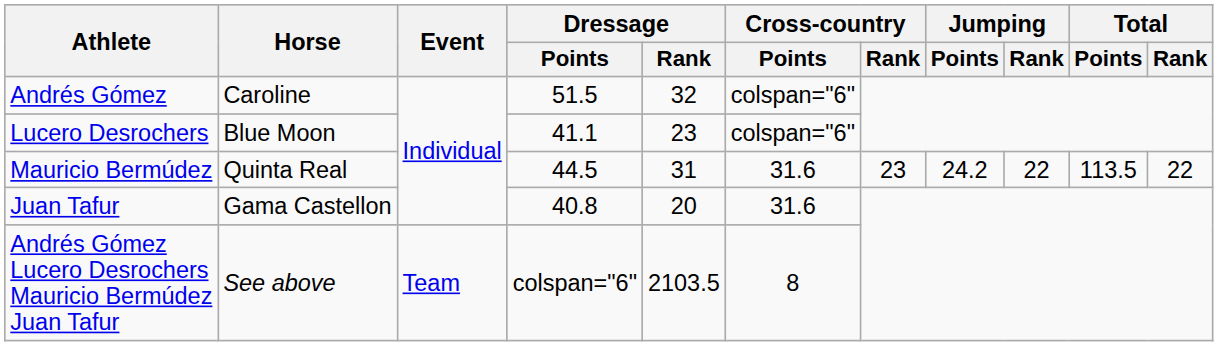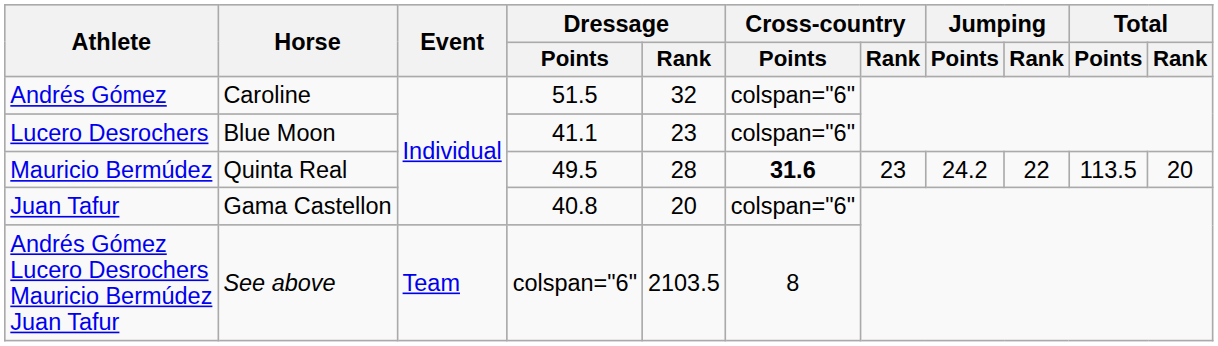 <table class=wikitable style=font-size:90%;text-align:center>
 <tr>
 <th rowspan=2>Athlete</th>
 <th rowspan=2>Horse</th>
 <th rowspan=2>Event</th>
 <th colspan=2>Dressage</th>
 <th colspan=2>Cross-country</th>
 <th colspan=2>Jumping</th>
 <th colspan=2>Total</th>
 </tr>
 <tr style=font-size:95%>
 <th>Points</th>
 <th>Rank</th>
 <th>Points</th>
 <th>Rank</th>
 <th>Points</th>
 <th>Rank</th>
 <th>Points</th>
 <th>Rank</th>
 </tr>
 <tr>
 <td align=left><a href='#'>Andrés Gómez</a></td>
 <td align=left>Caroline</td>
 <td align=left rowspan=4><a href='#'>Individual</a></td>
 <td>51.5</td>
 <td>32</td>
 <td>colspan="6" </td>
 </tr>
 <tr>
 <td align=left><a href='#'>Lucero Desrochers</a></td>
 <td align=left>Blue Moon</td>
 <td>41.1</td>
 <td>23</td>
 <td>colspan="6" </td>
 </tr>
 <tr>
 <td align=left><a href='#'>Mauricio Bermúdez</a></td>
 <td align=left>Quinta Real</td>
-<td>44.5</td>
-<td>31</td>
-<td>31.6</td>
+<td>49.5</td>
+<td>28</td>
+<td><strong>31.6</strong></td>
 <td>23</td>
 <td>24.2</td>
 <td>22</td>
 <td>113.5</td>
-<td>22</td>
+<td>20</td>
 </tr>
 <tr>
 <td align=left><a href='#'>Juan Tafur</a></td>
 <td align=left>Gama Castellon</td>
 <td>40.8</td>
 <td>20</td>
-<td>31.6</td>
+<td>colspan="6" </td>
 </tr>
 <tr>
 <td align=left><a href='#'>Andrés Gómez</a><br><a href='#'>Lucero Desrochers</a><br><a href='#'>Mauricio Bermúdez</a><br><a href='#'>Juan Tafur</a></td>
 <td align=left><em>See above</em></td>
 <td align=left><a href='#'>Team</a></td>
 <td>colspan="6" </td>
 <td>2103.5</td>
 <td>8</td>
 </tr>
 </table>
